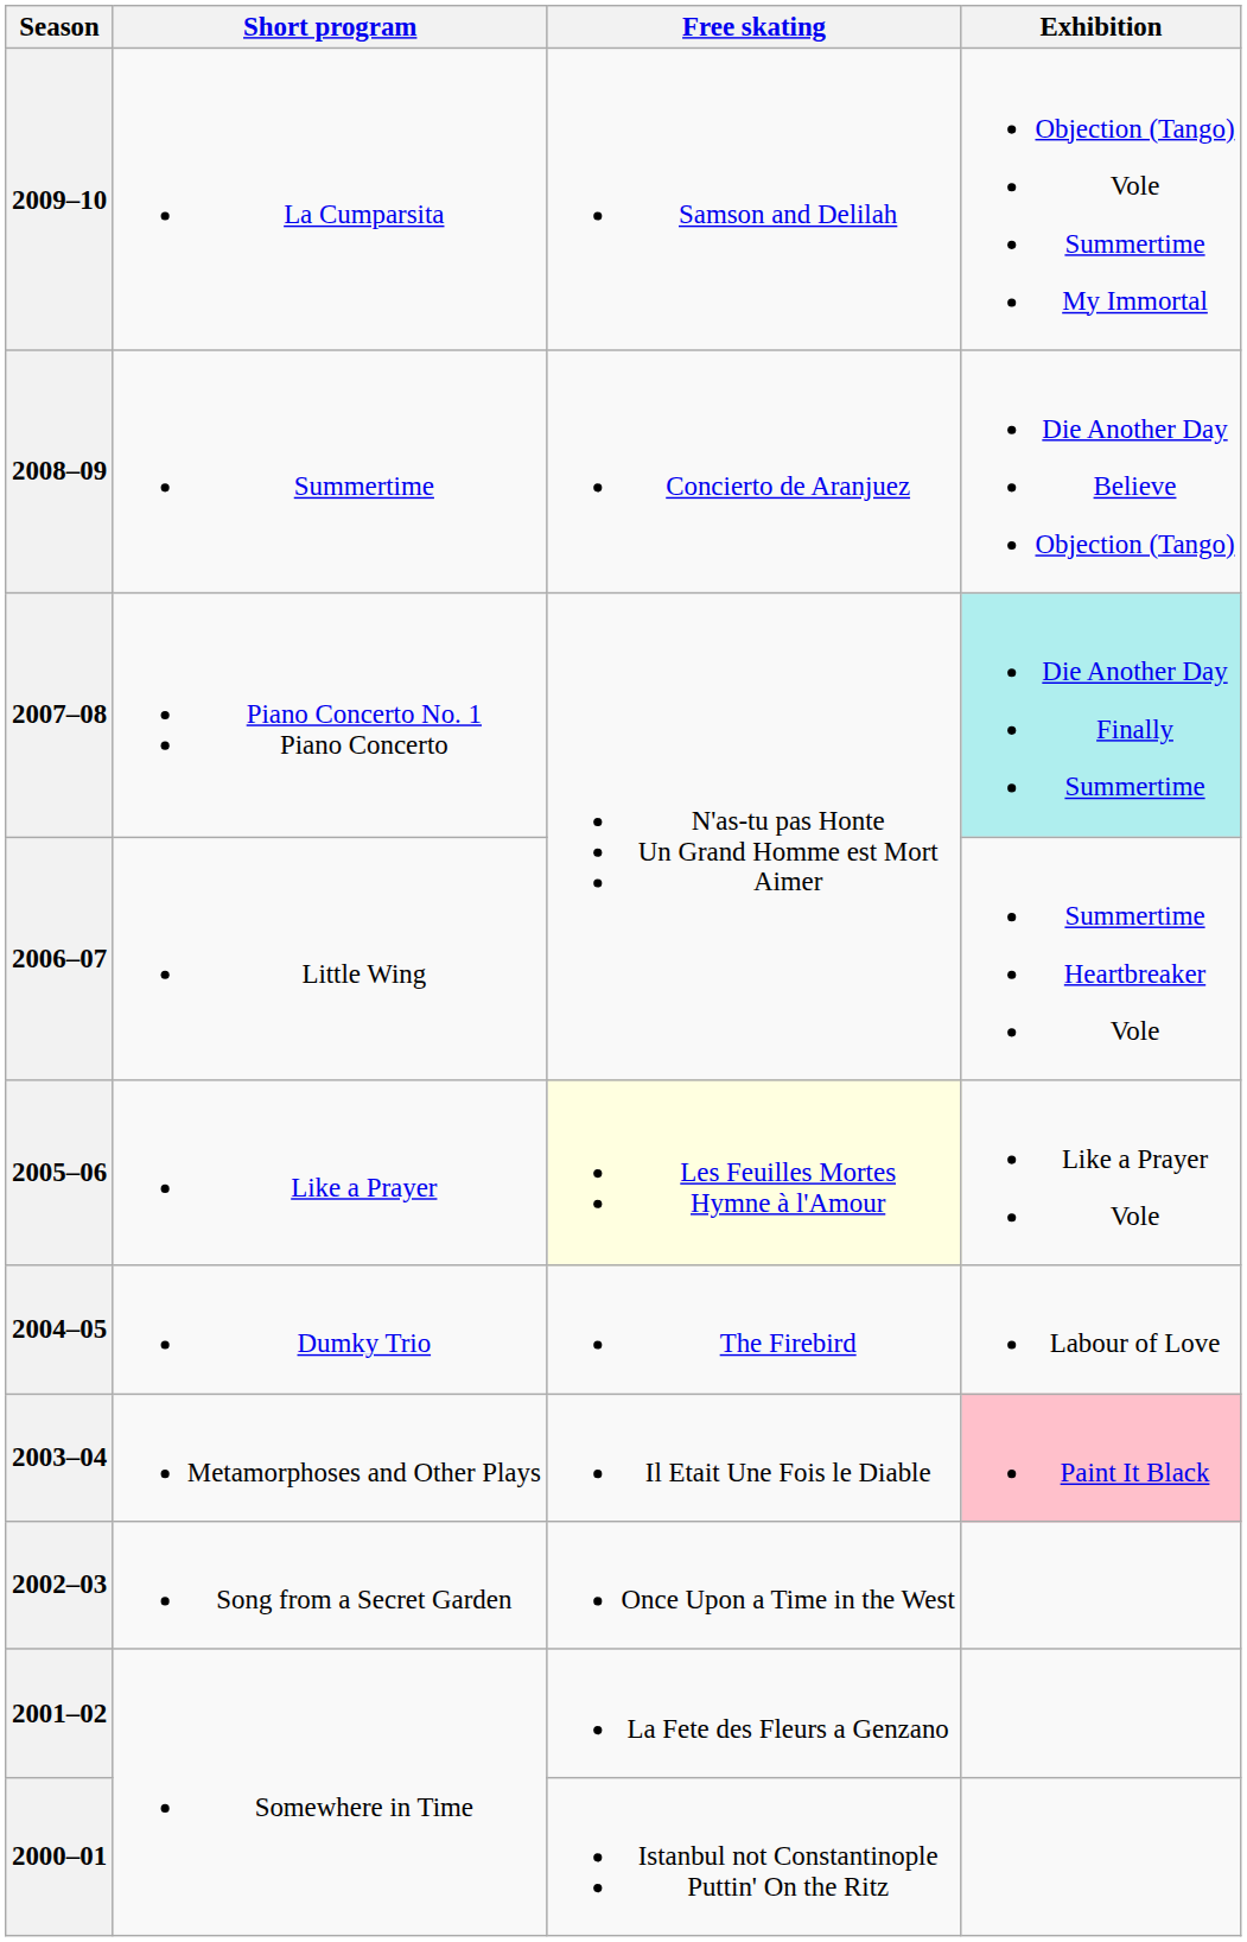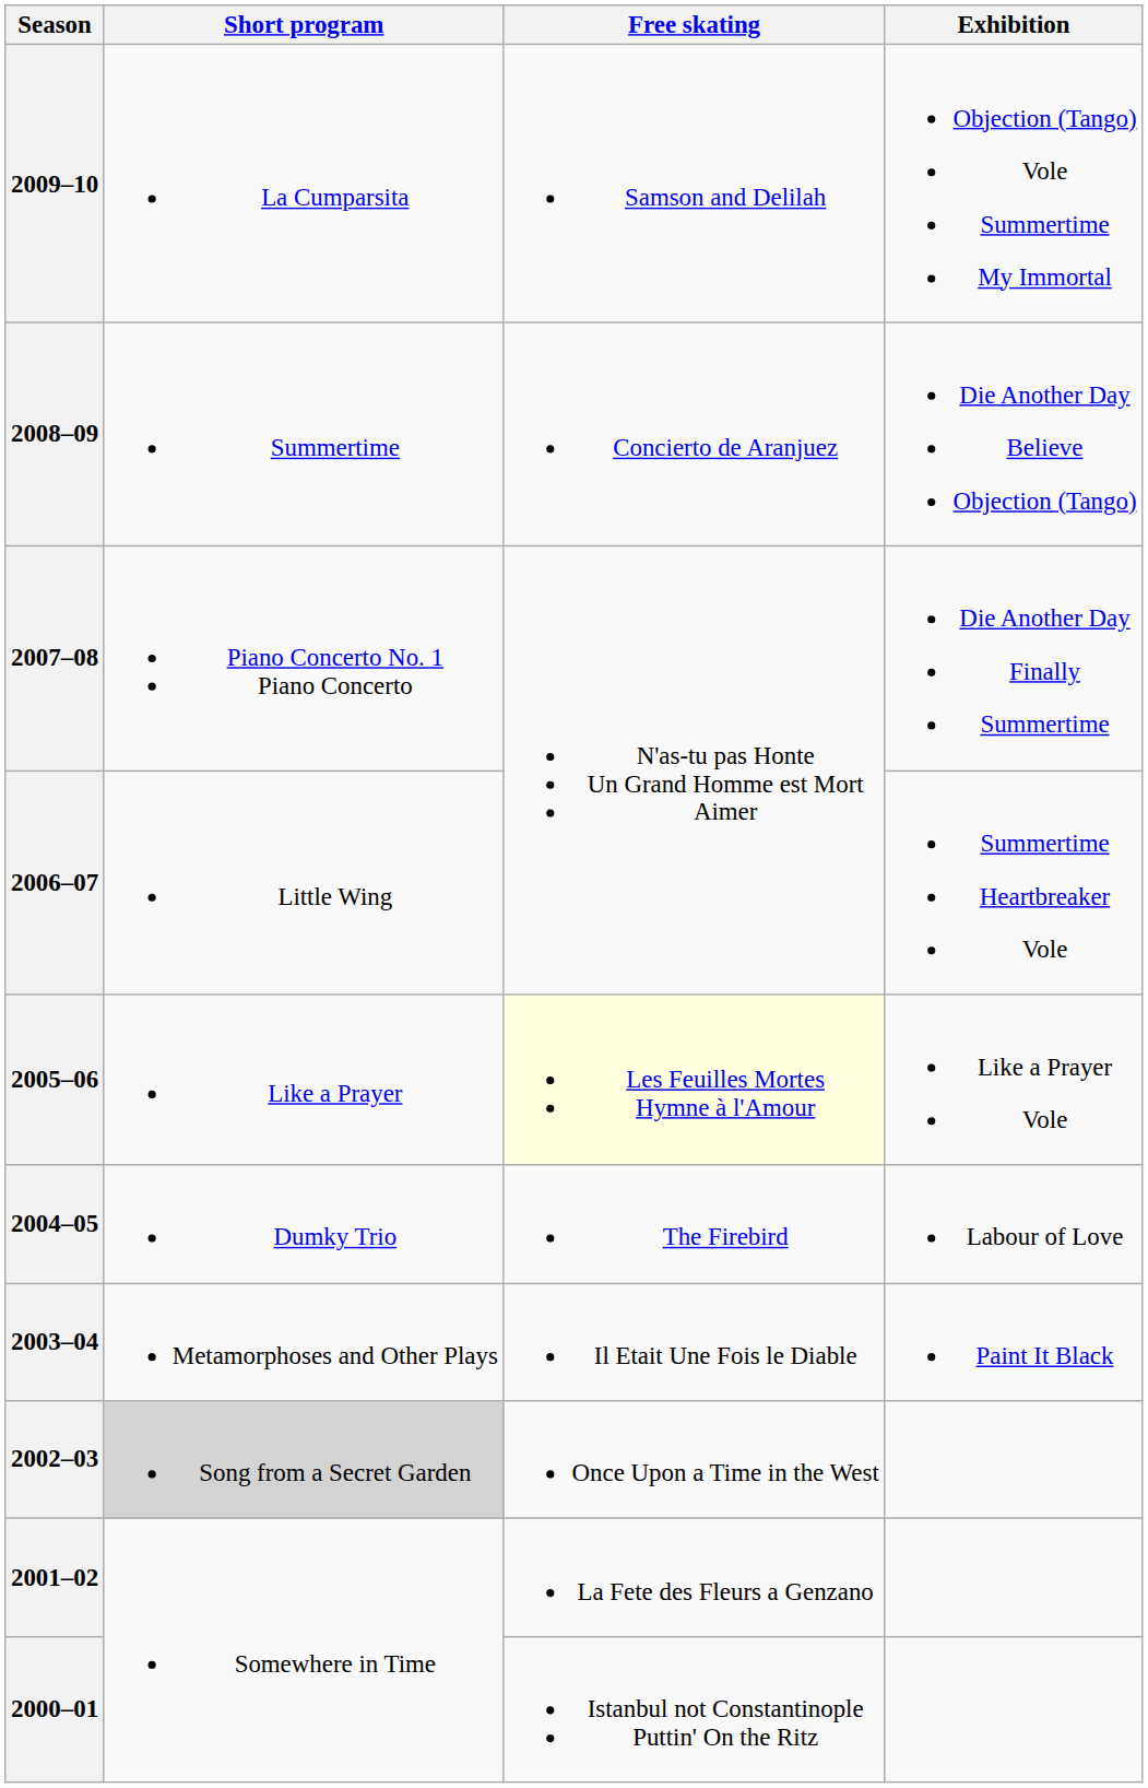 <table class="wikitable" style="text-align:center">
 <tr>
 <th>Season</th>
 <th><a href='#'>Short program</a></th>
 <th><a href='#'>Free skating</a></th>
 <th>Exhibition</th>
 </tr>
 <tr>
 <th>2009–10 <br></th>
 <td><br><ul><li><a href='#'>La Cumparsita</a> <br></li></ul></td>
 <td><br><ul><li><a href='#'>Samson and Delilah</a> <br></li></ul></td>
 <td><br><ul><li><a href='#'>Objection (Tango)</a> <br></li></ul><ul><li>Vole <br></li></ul><ul><li><a href='#'>Summertime</a> <br></li></ul><ul><li><a href='#'>My Immortal</a> <br></li></ul></td>
 </tr>
 <tr>
 <th>2008–09 <br></th>
 <td><br><ul><li><a href='#'>Summertime</a> <br></li></ul></td>
 <td><br><ul><li><a href='#'>Concierto de Aranjuez</a> <br></li></ul></td>
 <td><br><ul><li><a href='#'>Die Another Day</a> <br></li></ul><ul><li><a href='#'>Believe</a> <br></li></ul><ul><li><a href='#'>Objection (Tango)</a> <br></li></ul></td>
 </tr>
 <tr>
 <th>2007–08 <br></th>
 <td><br><ul><li><a href='#'>Piano Concerto No. 1</a> <br></li><li>Piano Concerto <br></li></ul></td>
 <td rowspan=2><br><ul><li>N'as-tu pas Honte</li><li>Un Grand Homme est Mort</li><li>Aimer <br></li></ul></td>
-<td style="background: paleturquoise;"><br><ul><li><a href='#'>Die Another Day</a> <br></li></ul><ul><li><a href='#'>Finally</a> <br></li></ul><ul><li><a href='#'>Summertime</a> <br></li></ul></td>
+<td><br><ul><li><a href='#'>Die Another Day</a> <br></li></ul><ul><li><a href='#'>Finally</a> <br></li></ul><ul><li><a href='#'>Summertime</a> <br></li></ul></td>
 </tr>
 <tr>
 <th>2006–07 <br></th>
 <td><br><ul><li>Little Wing <br></li></ul></td>
 <td><br><ul><li><a href='#'>Summertime</a> <br></li></ul><ul><li><a href='#'>Heartbreaker</a> <br></li></ul><ul><li>Vole <br></li></ul></td>
 </tr>
 <tr>
 <th>2005–06 <br></th>
 <td><br><ul><li><a href='#'>Like a Prayer</a> <br></li></ul></td>
 <td style="background: lightyellow;"><br><ul><li><a href='#'>Les Feuilles Mortes</a> <br></li><li><a href='#'>Hymne à l'Amour</a> <br></li></ul></td>
 <td><br><ul><li>Like a Prayer  <br></li></ul><ul><li>Vole  <br></li></ul></td>
 </tr>
 <tr>
 <th>2004–05 <br></th>
 <td><br><ul><li><a href='#'>Dumky Trio</a> <br></li></ul></td>
 <td><br><ul><li><a href='#'>The Firebird</a> <br></li></ul></td>
 <td><br><ul><li>Labour of Love <br></li></ul></td>
 </tr>
 <tr>
 <th>2003–04 <br></th>
 <td><br><ul><li>Metamorphoses and Other Plays <br></li></ul></td>
 <td><br><ul><li>Il Etait Une Fois le Diable <br></li></ul></td>
-<td style="background: pink;"><br><ul><li><a href='#'>Paint It Black</a> <br></li></ul></td>
+<td><br><ul><li><a href='#'>Paint It Black</a> <br></li></ul></td>
 </tr>
 <tr>
 <th>2002–03 <br></th>
-<td><br><ul><li>Song from a Secret Garden <br></li></ul></td>
+<td style="background: lightgrey;"><br><ul><li>Song from a Secret Garden <br></li></ul></td>
 <td><br><ul><li>Once Upon a Time in the West <br></li></ul></td>
 <td></td>
 </tr>
 <tr>
 <th>2001–02 <br></th>
 <td rowspan=2><br><ul><li>Somewhere in Time <br></li></ul></td>
 <td><br><ul><li>La Fete des Fleurs a Genzano <br></li></ul></td>
 <td></td>
 </tr>
 <tr>
 <th>2000–01 <br></th>
 <td><br><ul><li>Istanbul not Constantinople <br></li><li>Puttin' On the Ritz <br></li></ul></td>
 <td></td>
 </tr>
 </table>
